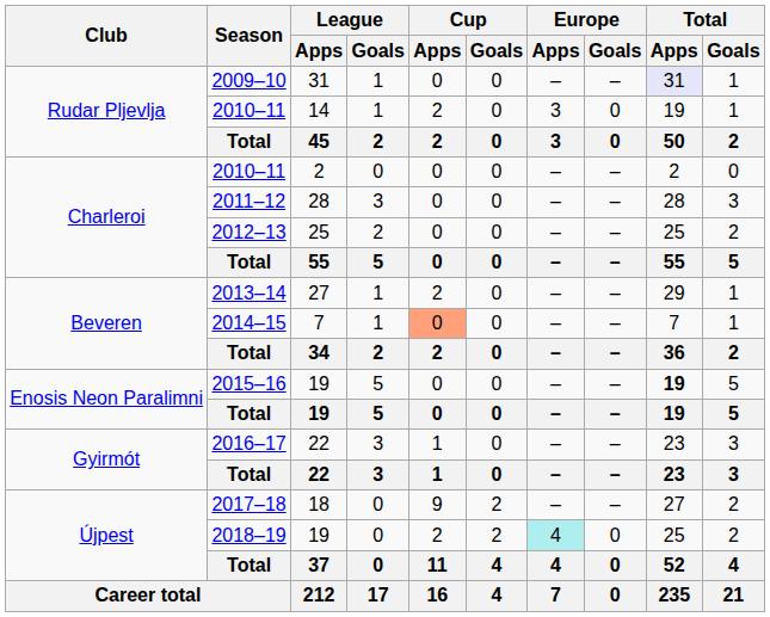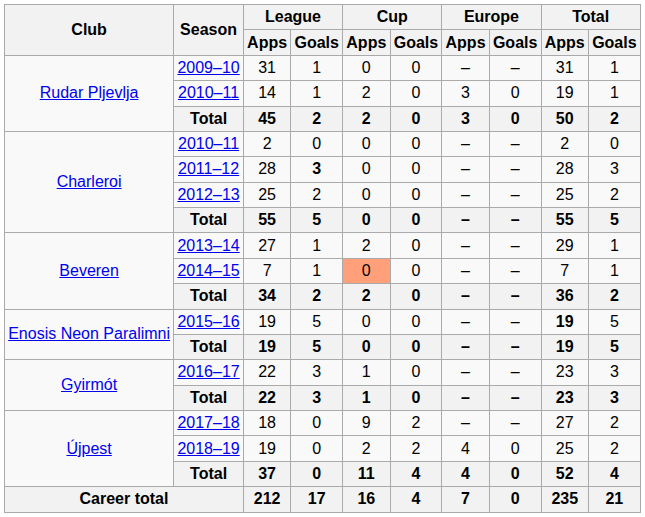 <table class="wikitable" style="text-align:center">
 <tr>
 <th rowspan="2">Club</th>
 <th rowspan="2">Season</th>
 <th colspan="2">League</th>
 <th colspan="2">Cup</th>
 <th colspan="2">Europe</th>
 <th colspan="2">Total</th>
 </tr>
 <tr>
 <th>Apps</th>
 <th>Goals</th>
 <th>Apps</th>
 <th>Goals</th>
 <th>Apps</th>
 <th>Goals</th>
 <th>Apps</th>
 <th>Goals</th>
 </tr>
 <tr>
 <td rowspan="3"><a href='#'>Rudar Pljevlja</a></td>
 <td><a href='#'>2009–10</a></td>
 <td>31</td>
 <td>1</td>
 <td>0</td>
 <td>0</td>
 <td>–</td>
 <td>–</td>
-<td style="background: lavender;">31</td>
+<td>31</td>
 <td>1</td>
 </tr>
 <tr>
 <td><a href='#'>2010–11</a></td>
 <td>14</td>
 <td>1</td>
 <td>2</td>
 <td>0</td>
 <td>3</td>
 <td>0</td>
 <td>19</td>
 <td>1</td>
 </tr>
 <tr>
 <th>Total</th>
 <th>45</th>
 <th>2</th>
 <th>2</th>
 <th>0</th>
 <th>3</th>
 <th>0</th>
 <th>50</th>
 <th>2</th>
 </tr>
 <tr>
 <td rowspan="4"><a href='#'>Charleroi</a></td>
 <td><a href='#'>2010–11</a></td>
 <td>2</td>
 <td>0</td>
 <td>0</td>
 <td>0</td>
 <td>–</td>
 <td>–</td>
 <td>2</td>
 <td>0</td>
 </tr>
 <tr>
 <td><a href='#'>2011–12</a></td>
 <td>28</td>
-<td>3</td>
+<td><strong>3</strong></td>
 <td>0</td>
 <td>0</td>
 <td>–</td>
 <td>–</td>
 <td>28</td>
 <td>3</td>
 </tr>
 <tr>
 <td><a href='#'>2012–13</a></td>
 <td>25</td>
 <td>2</td>
 <td>0</td>
 <td>0</td>
 <td>–</td>
 <td>–</td>
 <td>25</td>
 <td>2</td>
 </tr>
 <tr>
 <th>Total</th>
 <th>55</th>
 <th>5</th>
 <th>0</th>
 <th>0</th>
 <th>–</th>
 <th>–</th>
 <th>55</th>
 <th>5</th>
 </tr>
 <tr>
 <td rowspan="3"><a href='#'>Beveren</a></td>
 <td><a href='#'>2013–14</a></td>
 <td>27</td>
 <td>1</td>
 <td>2</td>
 <td>0</td>
 <td>–</td>
 <td>–</td>
 <td>29</td>
 <td>1</td>
 </tr>
 <tr>
 <td><a href='#'>2014–15</a></td>
 <td>7</td>
 <td>1</td>
 <td style="background: lightsalmon;">0</td>
 <td>0</td>
 <td>–</td>
 <td>–</td>
 <td>7</td>
 <td>1</td>
 </tr>
 <tr>
 <th>Total</th>
 <th>34</th>
 <th>2</th>
 <th>2</th>
 <th>0</th>
 <th>–</th>
 <th>–</th>
 <th>36</th>
 <th>2</th>
 </tr>
 <tr>
 <td rowspan="2"><a href='#'>Enosis Neon Paralimni</a></td>
 <td><a href='#'>2015–16</a></td>
 <td>19</td>
 <td>5</td>
 <td>0</td>
 <td>0</td>
 <td>–</td>
 <td>–</td>
 <td><strong>19</strong></td>
 <td>5</td>
 </tr>
 <tr>
 <th>Total</th>
 <th>19</th>
 <th>5</th>
 <th>0</th>
 <th>0</th>
 <th>–</th>
 <th>–</th>
 <th>19</th>
 <th>5</th>
 </tr>
 <tr>
 <td rowspan="2"><a href='#'>Gyirmót</a></td>
 <td><a href='#'>2016–17</a></td>
 <td>22</td>
 <td>3</td>
 <td>1</td>
 <td>0</td>
 <td>–</td>
 <td>–</td>
 <td>23</td>
 <td>3</td>
 </tr>
 <tr>
 <th>Total</th>
 <th>22</th>
 <th>3</th>
 <th>1</th>
 <th>0</th>
 <th>–</th>
 <th>–</th>
 <th>23</th>
 <th>3</th>
 </tr>
 <tr>
 <td rowspan="3"><a href='#'>Újpest</a></td>
 <td><a href='#'>2017–18</a></td>
 <td>18</td>
 <td>0</td>
 <td>9</td>
 <td>2</td>
 <td>–</td>
 <td>–</td>
 <td>27</td>
 <td>2</td>
 </tr>
 <tr>
 <td><a href='#'>2018–19</a></td>
 <td>19</td>
 <td>0</td>
 <td>2</td>
 <td>2</td>
-<td style="background: paleturquoise;">4</td>
+<td>4</td>
 <td>0</td>
 <td>25</td>
 <td>2</td>
 </tr>
 <tr>
 <th>Total</th>
 <th>37</th>
 <th>0</th>
 <th>11</th>
 <th>4</th>
 <th>4</th>
 <th>0</th>
 <th>52</th>
 <th>4</th>
 </tr>
 <tr>
 <th colspan="2">Career total</th>
 <th>212</th>
 <th>17</th>
 <th>16</th>
 <th>4</th>
 <th>7</th>
 <th>0</th>
 <th>235</th>
 <th>21</th>
 </tr>
 </table>
